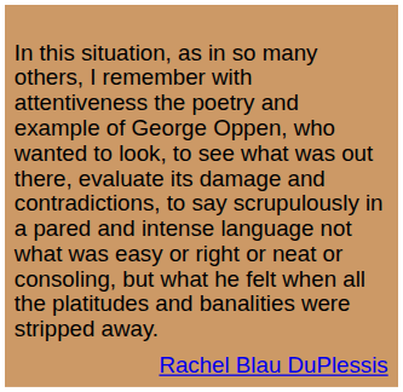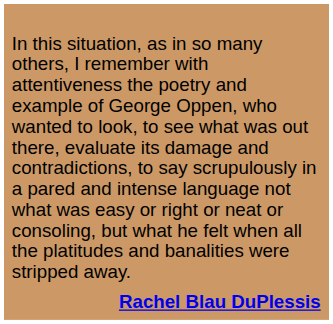 <table class="toccolours" style="float: right; margin-left: 2em; margin-right: 1em; font-size: 90%; background:#CC9966; width:30em; max-width: 40%;" cellspacing="5">
 <tr>
 <td style="text-align: left;"><br>In this situation, as in so many others, I remember with attentiveness the poetry and example of George Oppen, who wanted to look, to see what was out there, evaluate its damage and contradictions, to say scrupulously in a pared and intense language not what was easy or right or neat or consoling, but what he felt when all the platitudes and banalities were stripped away.</td>
 </tr>
 <tr>
-<td style="text-align: right;"><a href='#'>Rachel Blau DuPlessis</a></td>
+<td style="text-align: right;"><strong><a href='#'>Rachel Blau DuPlessis</a></strong></td>
 </tr>
 </table>
